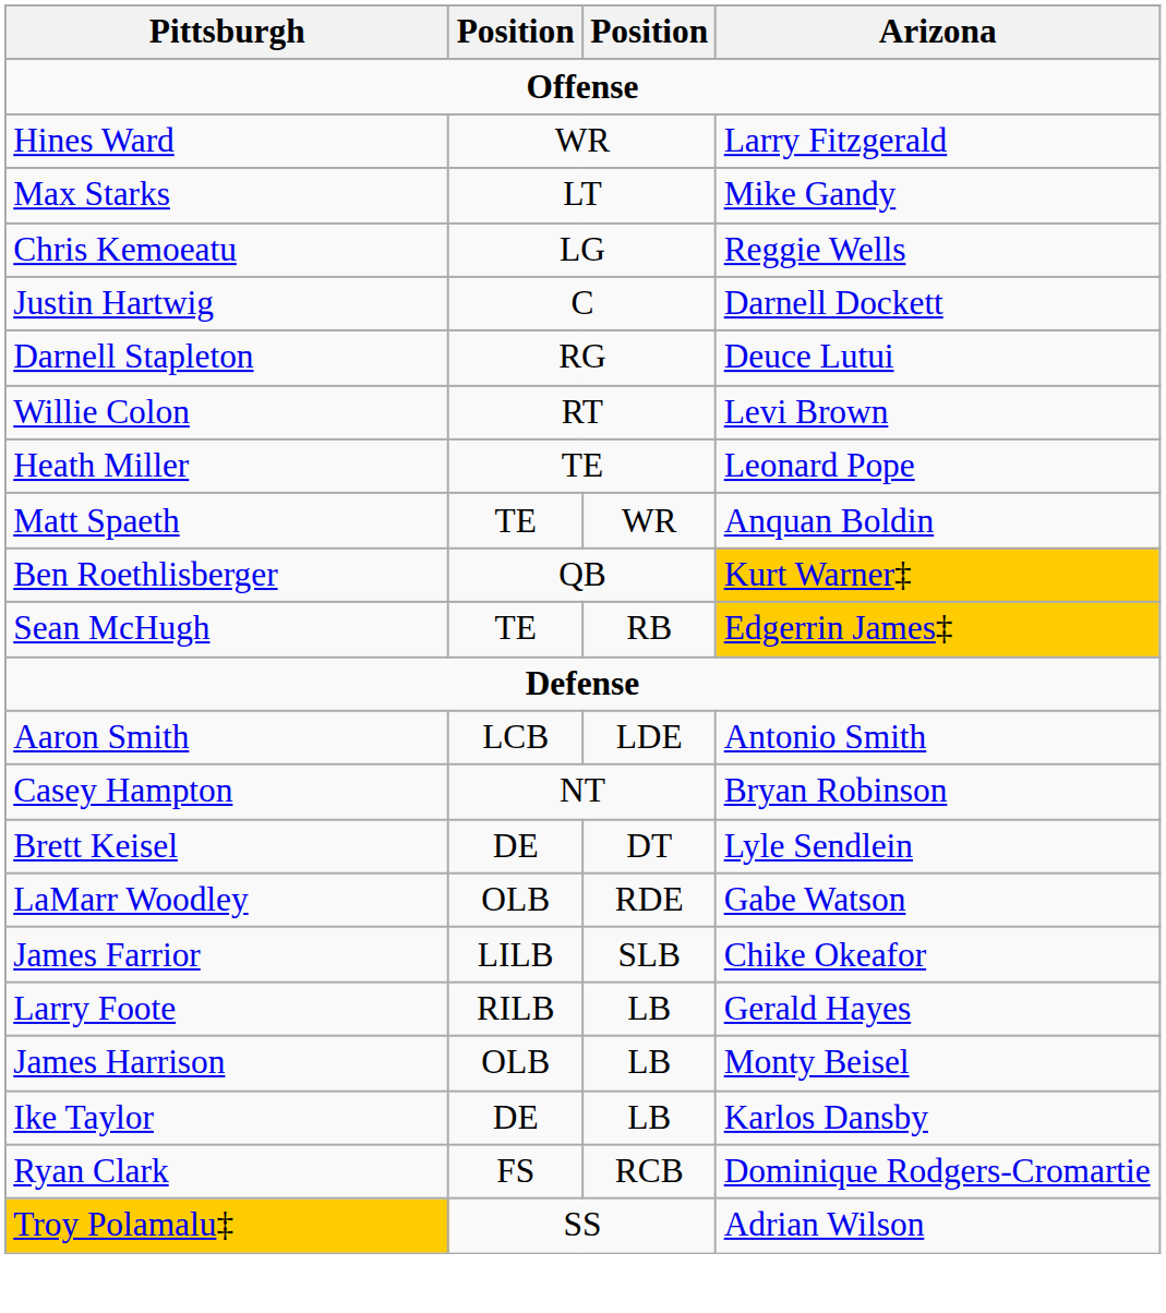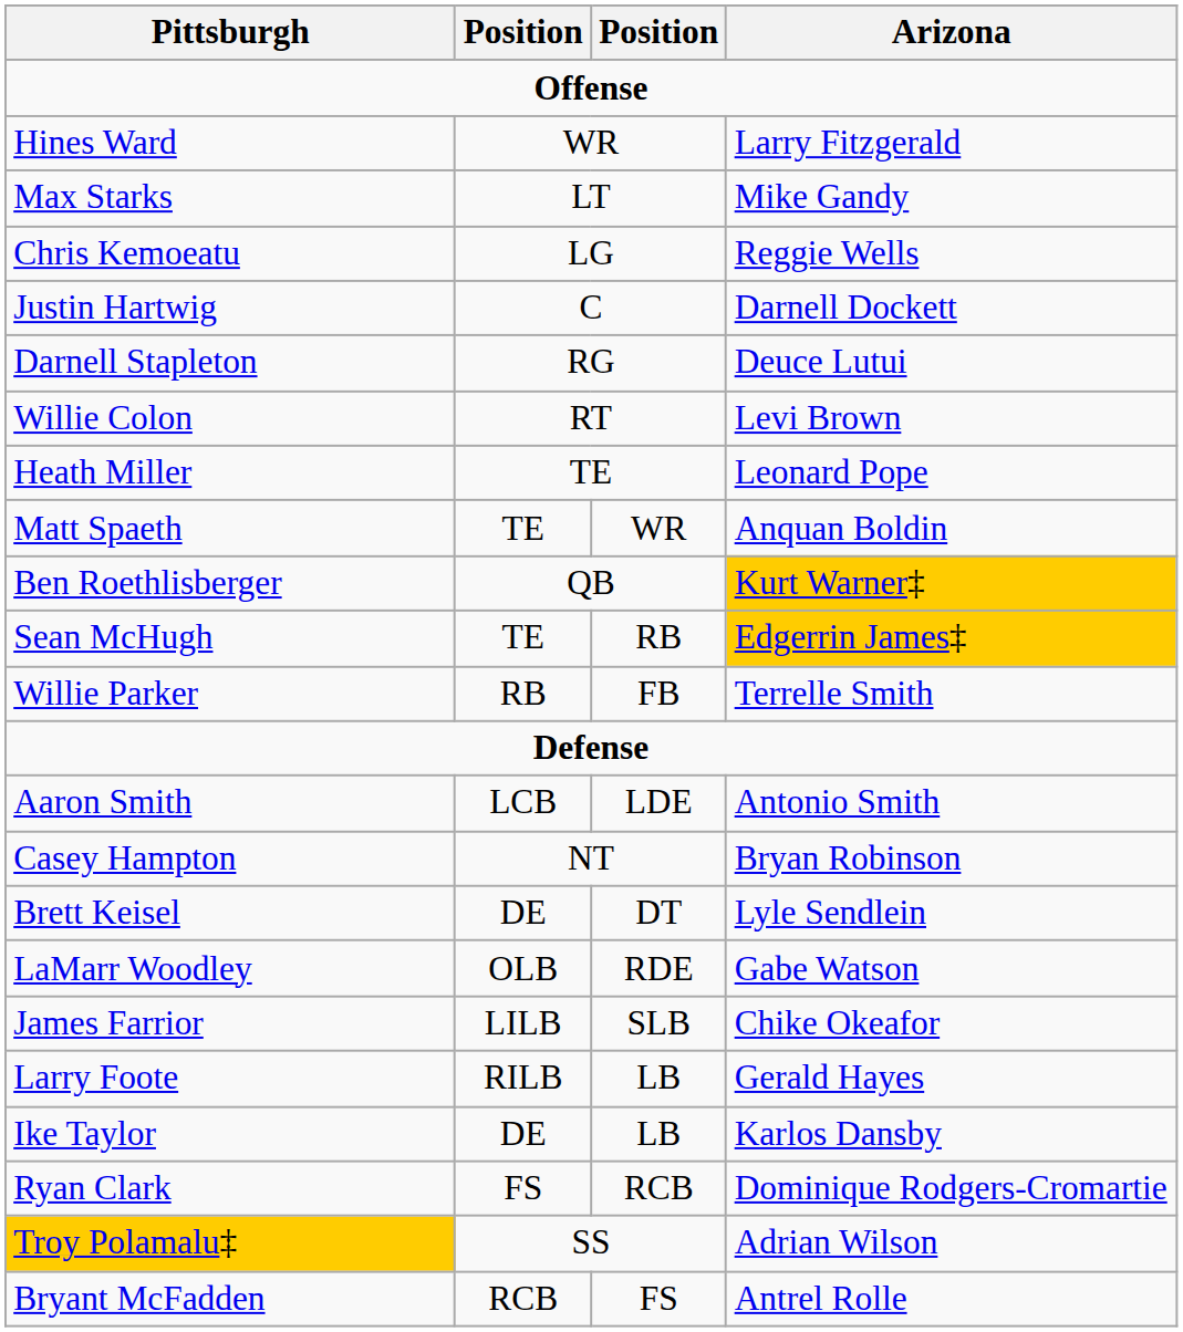 <table class="wikitable">
 <tr>
 <th style="width:200px;">Pittsburgh</th>
 <th>Position</th>
 <th>Position</th>
 <th style="width:200px;">Arizona</th>
 </tr>
 <tr>
 <td colspan="4" style="text-align:center;"><strong>Offense</strong></td>
 </tr>
 <tr>
 <td><a href='#'>Hines Ward</a></td>
 <td colspan="2" style="text-align:center;">WR</td>
 <td><a href='#'>Larry Fitzgerald</a></td>
 </tr>
 <tr>
 <td><a href='#'>Max Starks</a></td>
 <td colspan="2" style="text-align:center;">LT</td>
 <td><a href='#'>Mike Gandy</a></td>
 </tr>
 <tr>
 <td><a href='#'>Chris Kemoeatu</a></td>
 <td colspan="2" style="text-align:center;">LG</td>
 <td><a href='#'>Reggie Wells</a></td>
 </tr>
 <tr>
 <td><a href='#'>Justin Hartwig</a></td>
 <td colspan="2" style="text-align:center;">C</td>
 <td><a href='#'>Darnell Dockett</a></td>
 </tr>
 <tr>
 <td><a href='#'>Darnell Stapleton</a></td>
 <td colspan="2" style="text-align:center;">RG</td>
 <td><a href='#'>Deuce Lutui</a></td>
 </tr>
 <tr>
 <td><a href='#'>Willie Colon</a></td>
 <td colspan="2" style="text-align:center;">RT</td>
 <td><a href='#'>Levi Brown</a></td>
 </tr>
 <tr>
 <td><a href='#'>Heath Miller</a></td>
 <td colspan="2" style="text-align:center;">TE</td>
 <td><a href='#'>Leonard Pope</a></td>
 </tr>
 <tr>
 <td><a href='#'>Matt Spaeth</a></td>
 <td style="text-align:center;">TE</td>
 <td style="text-align:center;">WR</td>
 <td><a href='#'>Anquan Boldin</a></td>
 </tr>
 <tr>
 <td><a href='#'>Ben Roethlisberger</a></td>
 <td colspan="2" style="text-align:center;">QB</td>
 <td bgcolor="#FFCC00"><a href='#'>Kurt Warner</a>‡</td>
 </tr>
 <tr>
 <td><a href='#'>Sean McHugh</a></td>
 <td style="text-align:center;">TE</td>
 <td style="text-align:center;">RB</td>
 <td bgcolor="#FFCC00"><a href='#'>Edgerrin James</a>‡</td>
 </tr>
 <tr>
+<td><a href='#'>Willie Parker</a></td>
+<td style="text-align:center;">RB</td>
+<td style="text-align:center;">FB</td>
+<td><a href='#'>Terrelle Smith</a></td>
+</tr>
+<tr>
 <td colspan="4" style="text-align:center;"><strong>Defense</strong></td>
 </tr>
 <tr>
 <td><a href='#'>Aaron Smith</a></td>
 <td style="text-align:center;">LCB</td>
 <td style="text-align:center;">LDE</td>
 <td><a href='#'>Antonio Smith</a></td>
 </tr>
 <tr>
 <td><a href='#'>Casey Hampton</a></td>
 <td colspan="2" style="text-align:center;">NT</td>
 <td><a href='#'>Bryan Robinson</a></td>
 </tr>
 <tr>
 <td><a href='#'>Brett Keisel</a></td>
 <td style="text-align:center;">DE</td>
 <td style="text-align:center;">DT</td>
 <td><a href='#'>Lyle Sendlein</a></td>
 </tr>
 <tr>
 <td><a href='#'>LaMarr Woodley</a></td>
 <td style="text-align:center;">OLB</td>
 <td style="text-align:center;">RDE</td>
 <td><a href='#'>Gabe Watson</a></td>
 </tr>
 <tr>
 <td><a href='#'>James Farrior</a></td>
 <td style="text-align:center;">LILB</td>
 <td style="text-align:center;">SLB</td>
 <td><a href='#'>Chike Okeafor</a></td>
 </tr>
 <tr>
 <td><a href='#'>Larry Foote</a></td>
 <td style="text-align:center;">RILB</td>
 <td style="text-align:center;">LB</td>
 <td><a href='#'>Gerald Hayes</a></td>
 </tr>
 <tr>
-<td><a href='#'>James Harrison</a></td>
-<td style="text-align:center;">OLB</td>
-<td style="text-align:center;">LB</td>
-<td><a href='#'>Monty Beisel</a></td>
-</tr>
-<tr>
 <td><a href='#'>Ike Taylor</a></td>
 <td style="text-align:center;">DE</td>
 <td style="text-align:center;">LB</td>
 <td><a href='#'>Karlos Dansby</a></td>
 </tr>
 <tr>
 <td><a href='#'>Ryan Clark</a></td>
 <td style="text-align:center;">FS</td>
 <td style="text-align:center;">RCB</td>
 <td><a href='#'>Dominique Rodgers-Cromartie</a></td>
 </tr>
 <tr>
 <td bgcolor="#FFCC00"><a href='#'>Troy Polamalu</a>‡</td>
 <td colspan="2" style="text-align:center;">SS</td>
 <td><a href='#'>Adrian Wilson</a></td>
 </tr>
+<tr>
+<td><a href='#'>Bryant McFadden</a></td>
+<td style="text-align:center;">RCB</td>
+<td style="text-align:center;">FS</td>
+<td><a href='#'>Antrel Rolle</a></td>
+</tr>
 </table>
